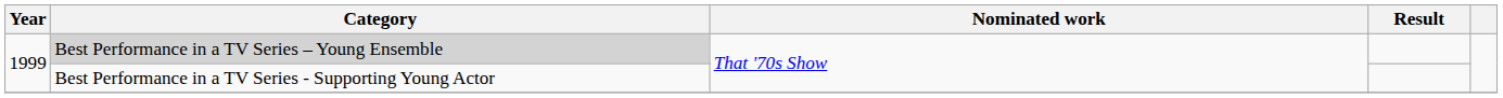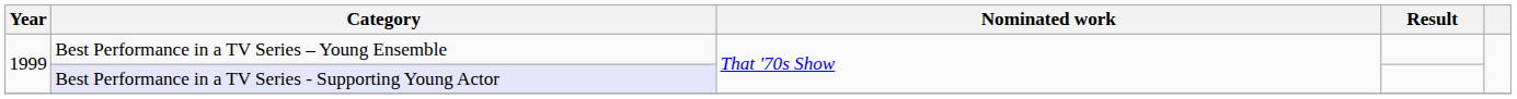 <table class="wikitable">
 <tr>
 <th scope="col" style="width:1em;">Year</th>
 <th scope="col" style="width:35em;">Category</th>
 <th scope="col" style="width:35em;">Nominated work</th>
 <th scope="col" style="width:5em;">Result</th>
 <th scope="col" style="width:1em;"></th>
 </tr>
 <tr>
 <td rowspan="2">1999</td>
-<td style="background: lightgrey;">Best Performance in a TV Series – Young Ensemble</td>
+<td>Best Performance in a TV Series – Young Ensemble</td>
 <td rowspan="2"><em><a href='#'>That '70s Show</a></em></td>
 <td></td>
 <td style="text-align:center;" rowspan="2"></td>
 </tr>
 <tr>
-<td>Best Performance in a TV Series - Supporting Young Actor</td>
+<td style="background: lavender;">Best Performance in a TV Series - Supporting Young Actor</td>
 <td></td>
 </tr>
 <tr>
 </tr>
 </table>
